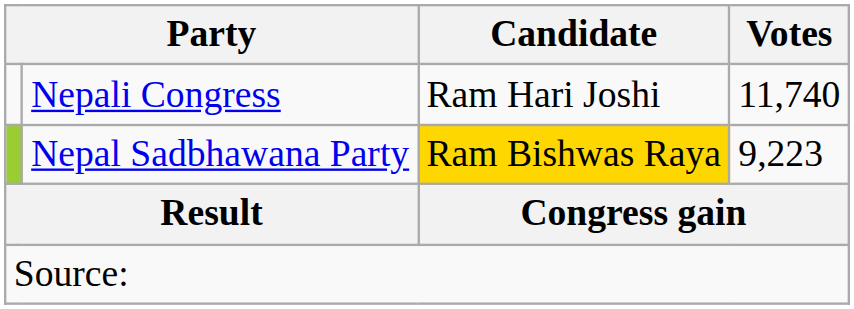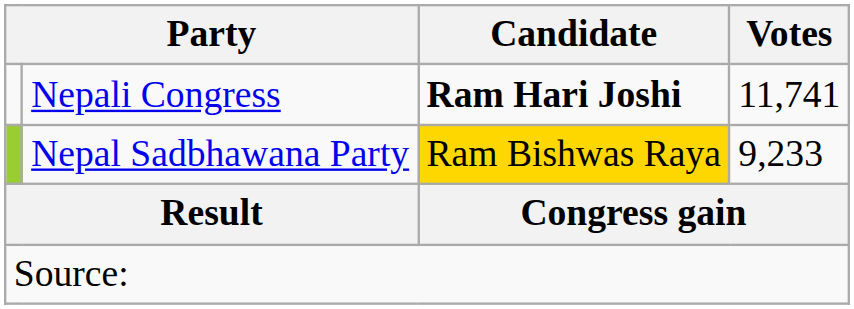 <table class="wikitable">
 <tr>
 <th colspan="2">Party</th>
 <th>Candidate</th>
 <th>Votes</th>
 </tr>
 <tr>
 <td style="background-color:"></td>
 <td><a href='#'>Nepali Congress</a></td>
-<td>Ram Hari Joshi</td>
-<td>11,740</td>
+<td><strong>Ram Hari Joshi</strong></td>
+<td>11,741</td>
 </tr>
 <tr>
 <td style="background-color:yellowgreen"></td>
 <td><a href='#'>Nepal Sadbhawana Party</a></td>
 <td style="background: gold;">Ram Bishwas Raya</td>
-<td>9,223</td>
+<td>9,233</td>
 </tr>
 <tr>
 <th colspan="2">Result</th>
 <th colspan="2">Congress gain</th>
 </tr>
 <tr>
 <td colspan="4">Source: </td>
 </tr>
 </table>
